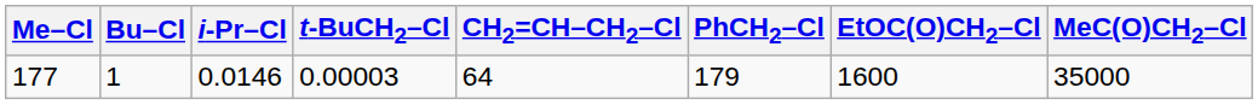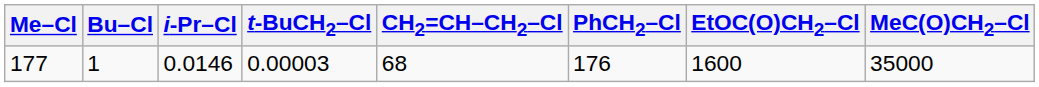 <table class="wikitable">
 <tr>
 <th><a href='#'>Me–Cl</a></th>
 <th><a href='#'>Bu–Cl</a></th>
 <th><a href='#'><em>i</em>-Pr–Cl</a></th>
 <th><a href='#'><em>t</em>-BuCH<sub>2</sub>–Cl</a></th>
 <th><a href='#'>CH<sub>2</sub>=CH–CH<sub>2</sub>–Cl</a></th>
 <th><a href='#'>PhCH<sub>2</sub>–Cl</a></th>
 <th><a href='#'>EtOC(O)CH<sub>2</sub>–Cl</a></th>
 <th><a href='#'>MeC(O)CH<sub>2</sub>–Cl</a></th>
 </tr>
 <tr>
 <td>177</td>
 <td>1</td>
 <td>0.0146</td>
 <td>0.00003</td>
-<td>64</td>
-<td>179</td>
+<td>68</td>
+<td>176</td>
 <td>1600</td>
 <td>35000</td>
 </tr>
 </table>
